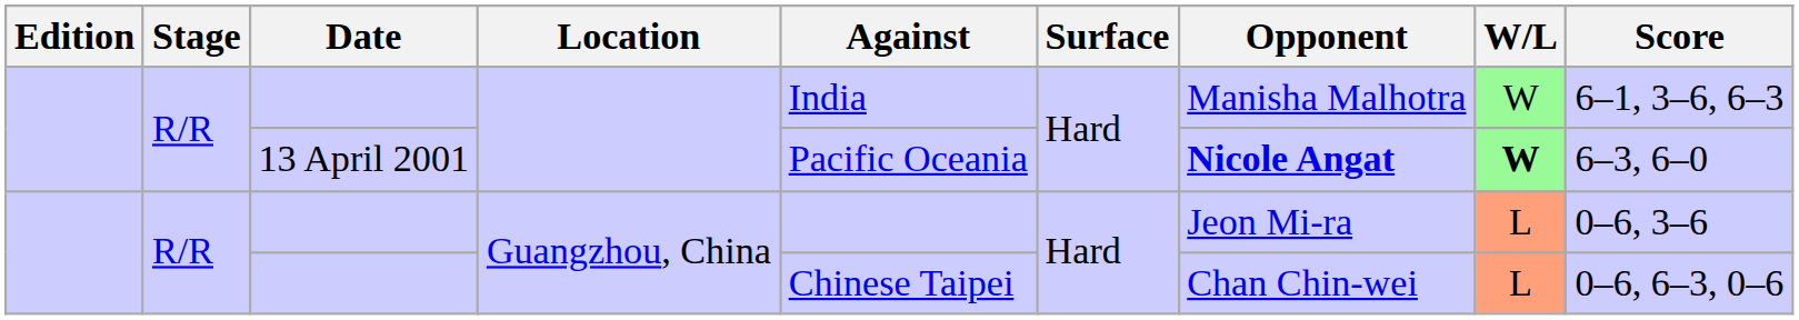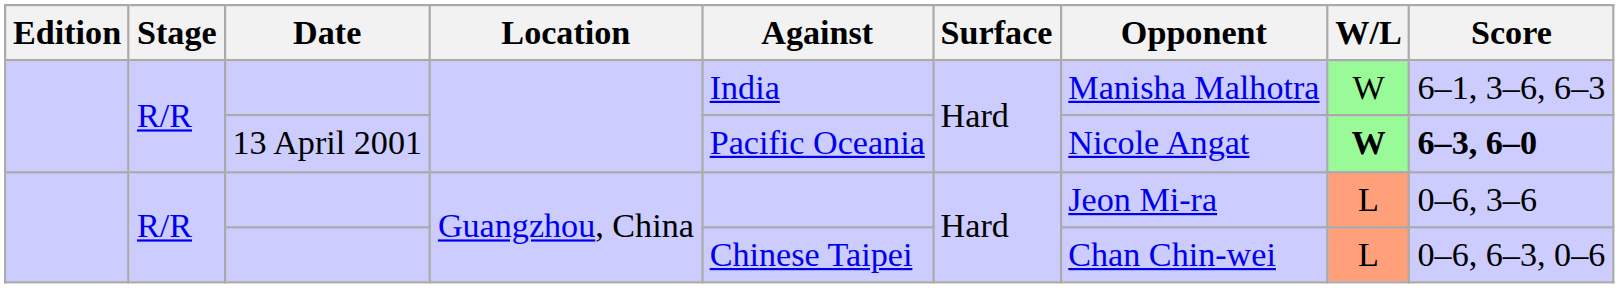 <table class=wikitable style=font-size:97%>
 <tr>
 <th>Edition</th>
 <th>Stage</th>
 <th>Date</th>
 <th>Location</th>
 <th>Against</th>
 <th>Surface</th>
 <th>Opponent</th>
 <th>W/L</th>
 <th>Score</th>
 </tr>
 <tr style="background:#ccccff;">
 <td rowspan="2"></td>
 <td rowspan="2"><a href='#'>R/R</a></td>
 <td></td>
 <td rowspan="2"></td>
 <td> <a href='#'>India</a></td>
 <td rowspan="2">Hard</td>
 <td> <a href='#'>Manisha Malhotra</a></td>
 <td style="text-align:center; background:#98fb98;">W</td>
 <td>6–1, 3–6, 6–3</td>
 </tr>
 <tr style="background:#ccccff;">
 <td>13 April 2001</td>
 <td> <a href='#'>Pacific Oceania</a></td>
-<td><strong> <a href='#'>Nicole Angat</a></strong></td>
+<td> <a href='#'>Nicole Angat</a></td>
 <td style="text-align:center; background:#98fb98;"><strong>W</strong></td>
-<td>6–3, 6–0</td>
+<td><strong>6–3, 6–0</strong></td>
 </tr>
 <tr style="background:#ccccff;">
 <td rowspan="2"></td>
 <td rowspan="2"><a href='#'>R/R</a></td>
 <td></td>
 <td rowspan="2"><a href='#'>Guangzhou</a>, China</td>
 <td> </td>
 <td rowspan="2">Hard</td>
 <td> <a href='#'>Jeon Mi-ra</a></td>
 <td style="text-align:center; background:#ffa07a;">L</td>
 <td>0–6, 3–6</td>
 </tr>
 <tr style="background:#ccccff;">
 <td></td>
 <td> <a href='#'>Chinese Taipei</a></td>
 <td> <a href='#'>Chan Chin-wei</a></td>
 <td style="text-align:center; background:#ffa07a;">L</td>
 <td>0–6, 6–3, 0–6</td>
 </tr>
 </table>
